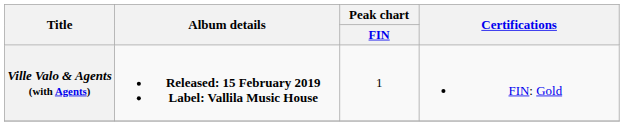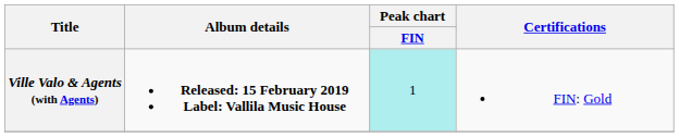 <table class ="wikitable plainrowheaders" style="text-align:center;">
 <tr>
 <th scope="col" rowspan="2">Title</th>
 <th scope="col" rowspan="2" style="width:270px;">Album details</th>
 <th scope="col" colspan="1">Peak chart</th>
 <th scope="col" rowspan="2" style="width:15em;"><a href='#'>Certifications</a></th>
 </tr>
 <tr>
 <th scope="col" style="width:6em;font-size:95%;"><a href='#'>FIN</a><br></th>
 </tr>
 <tr>
 <th scope="row"><em>Ville Valo & Agents</em><br><small>(with <a href='#'>Agents</a>)</small></th>
 <td><strong><br><ul><li>Released: 15 February 2019</li><li>Label: Vallila Music House</li></ul></strong></td>
-<td>1</td>
+<td style="background: paleturquoise;">1</td>
 <td><br><ul><li><a href='#'>FIN</a>: <a href='#'>Gold</a></li></ul></td>
 </tr>
 <tr>
 </tr>
 </table>
